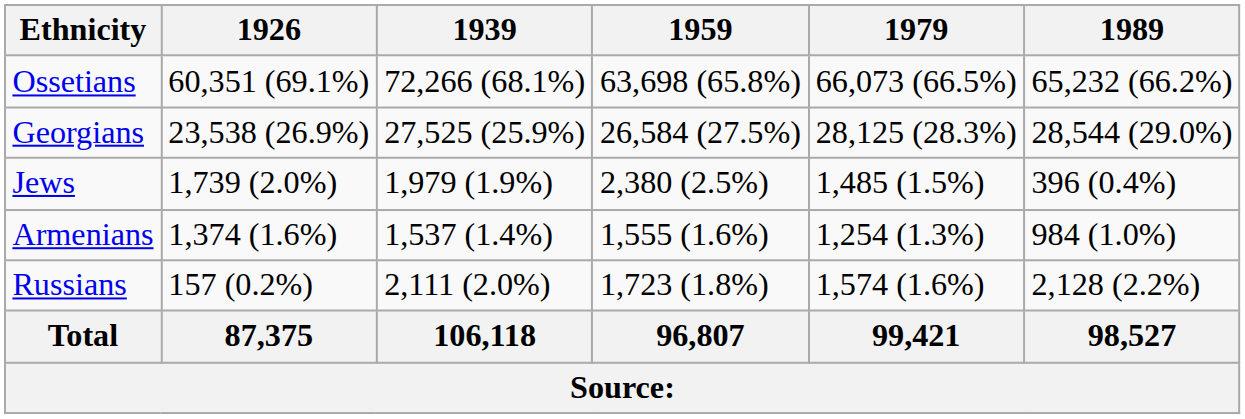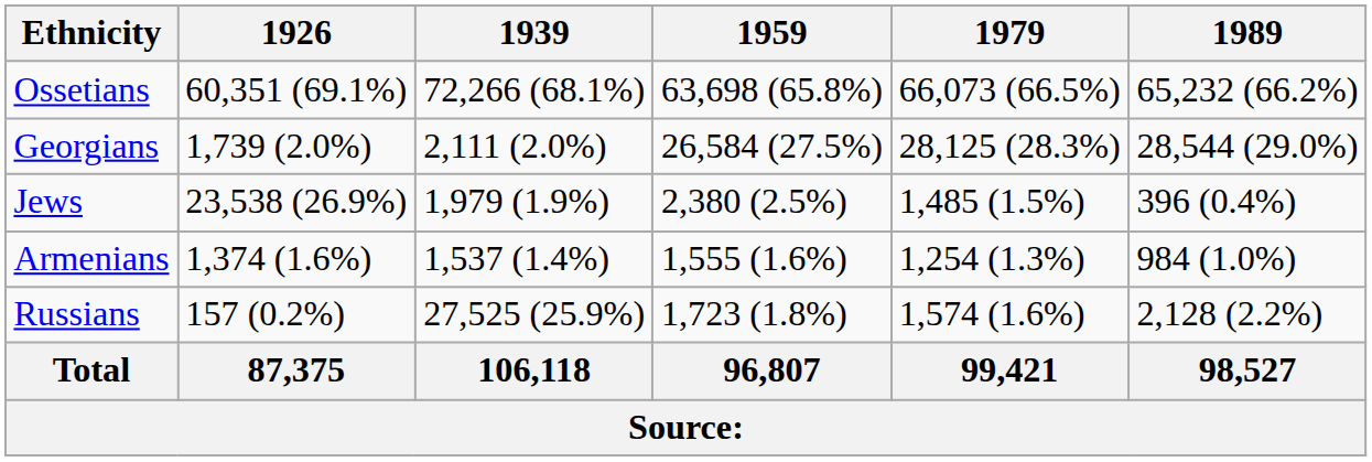 <table class="wikitable">
 <tr>
 <th>Ethnicity</th>
 <th>1926</th>
 <th>1939</th>
 <th>1959</th>
 <th>1979</th>
 <th>1989</th>
 </tr>
 <tr>
 <td><a href='#'>Ossetians</a></td>
 <td>60,351 (69.1%)</td>
 <td>72,266 (68.1%)</td>
 <td>63,698 (65.8%)</td>
 <td>66,073 (66.5%)</td>
 <td>65,232 (66.2%)</td>
 </tr>
 <tr>
 <td><a href='#'>Georgians</a></td>
-<td>23,538 (26.9%)</td>
-<td>27,525 (25.9%)</td>
+<td>1,739 (2.0%)</td>
+<td>2,111 (2.0%)</td>
 <td>26,584 (27.5%)</td>
 <td>28,125 (28.3%)</td>
 <td>28,544 (29.0%)</td>
 </tr>
 <tr>
 <td><a href='#'>Jews</a></td>
-<td>1,739 (2.0%)</td>
+<td>23,538 (26.9%)</td>
 <td>1,979 (1.9%)</td>
 <td>2,380 (2.5%)</td>
 <td>1,485 (1.5%)</td>
 <td>396 (0.4%)</td>
 </tr>
 <tr>
 <td><a href='#'>Armenians</a></td>
 <td>1,374 (1.6%)</td>
 <td>1,537 (1.4%)</td>
 <td>1,555 (1.6%)</td>
 <td>1,254 (1.3%)</td>
 <td>984 (1.0%)</td>
 </tr>
 <tr>
 <td><a href='#'>Russians</a></td>
 <td>157 (0.2%)</td>
-<td>2,111 (2.0%)</td>
+<td>27,525 (25.9%)</td>
 <td>1,723 (1.8%)</td>
 <td>1,574 (1.6%)</td>
 <td>2,128 (2.2%)</td>
 </tr>
 <tr>
 <th>Total</th>
 <th>87,375</th>
 <th>106,118</th>
 <th>96,807</th>
 <th>99,421</th>
 <th>98,527</th>
 </tr>
 <tr>
 <th colspan="10">Source:</th>
 </tr>
 </table>
